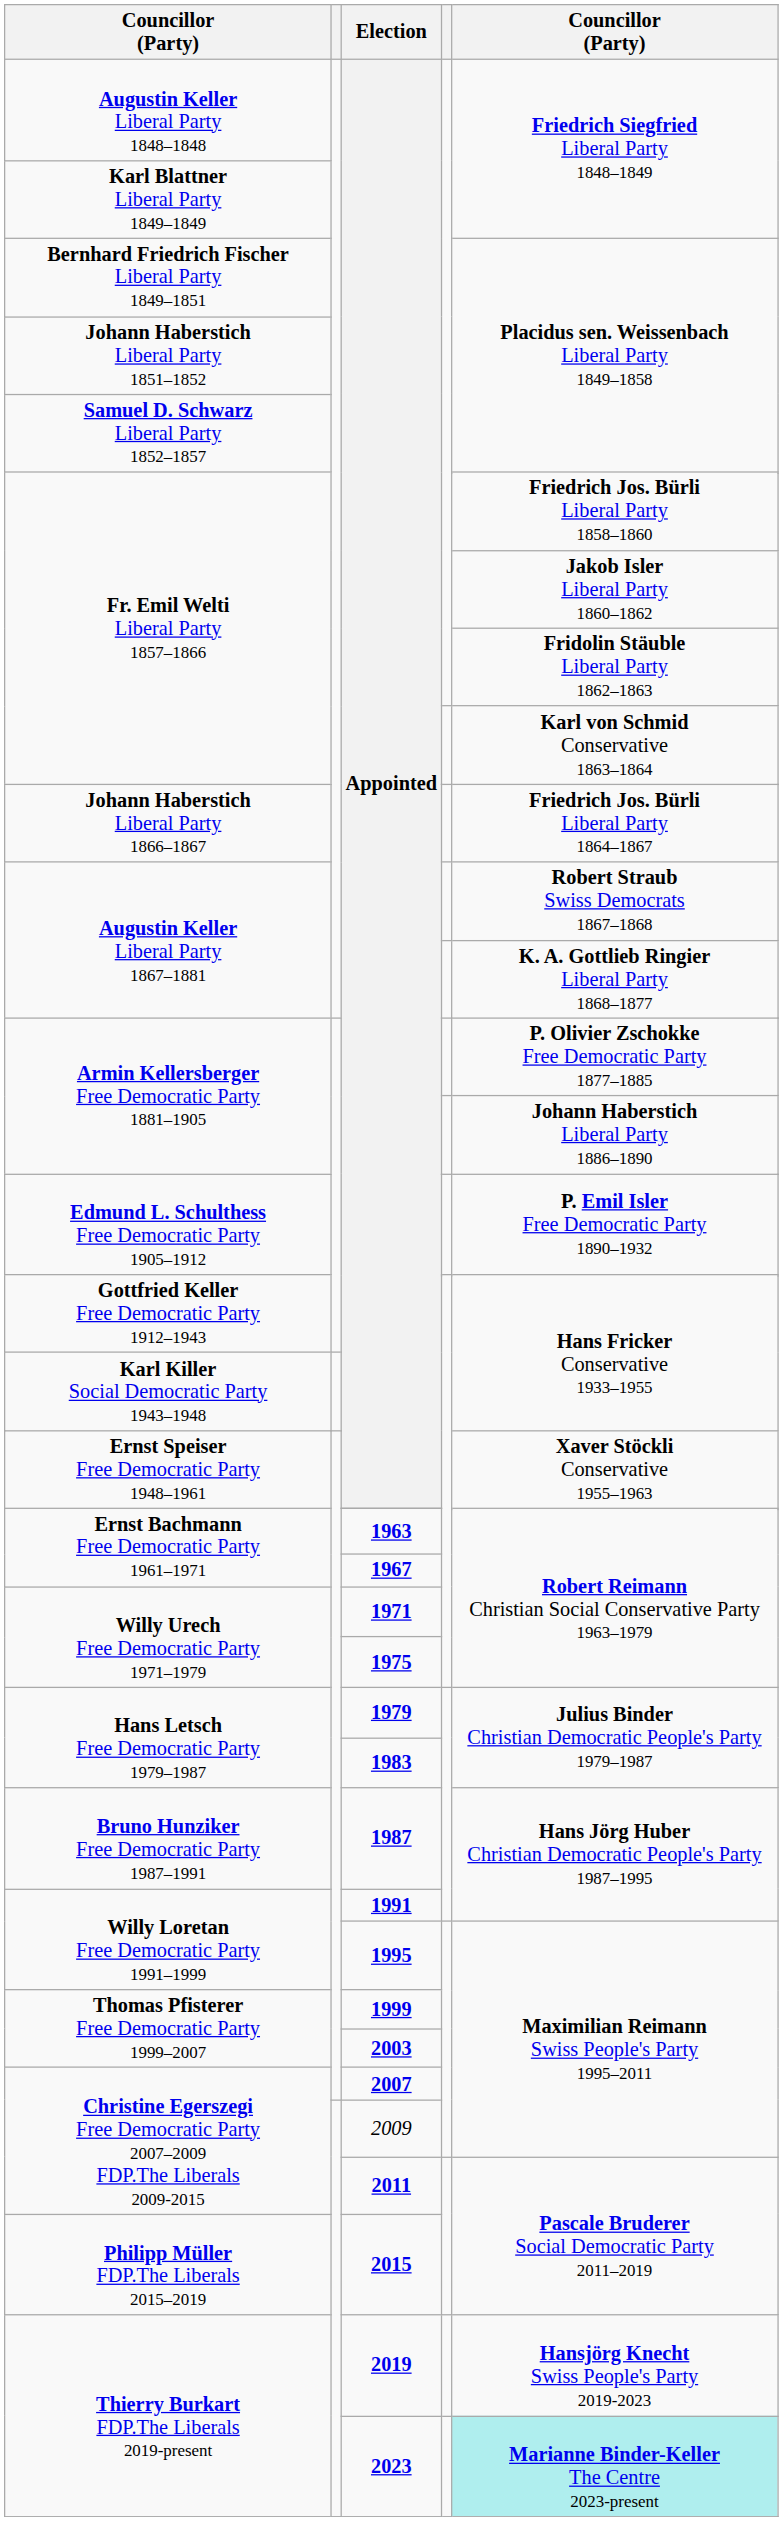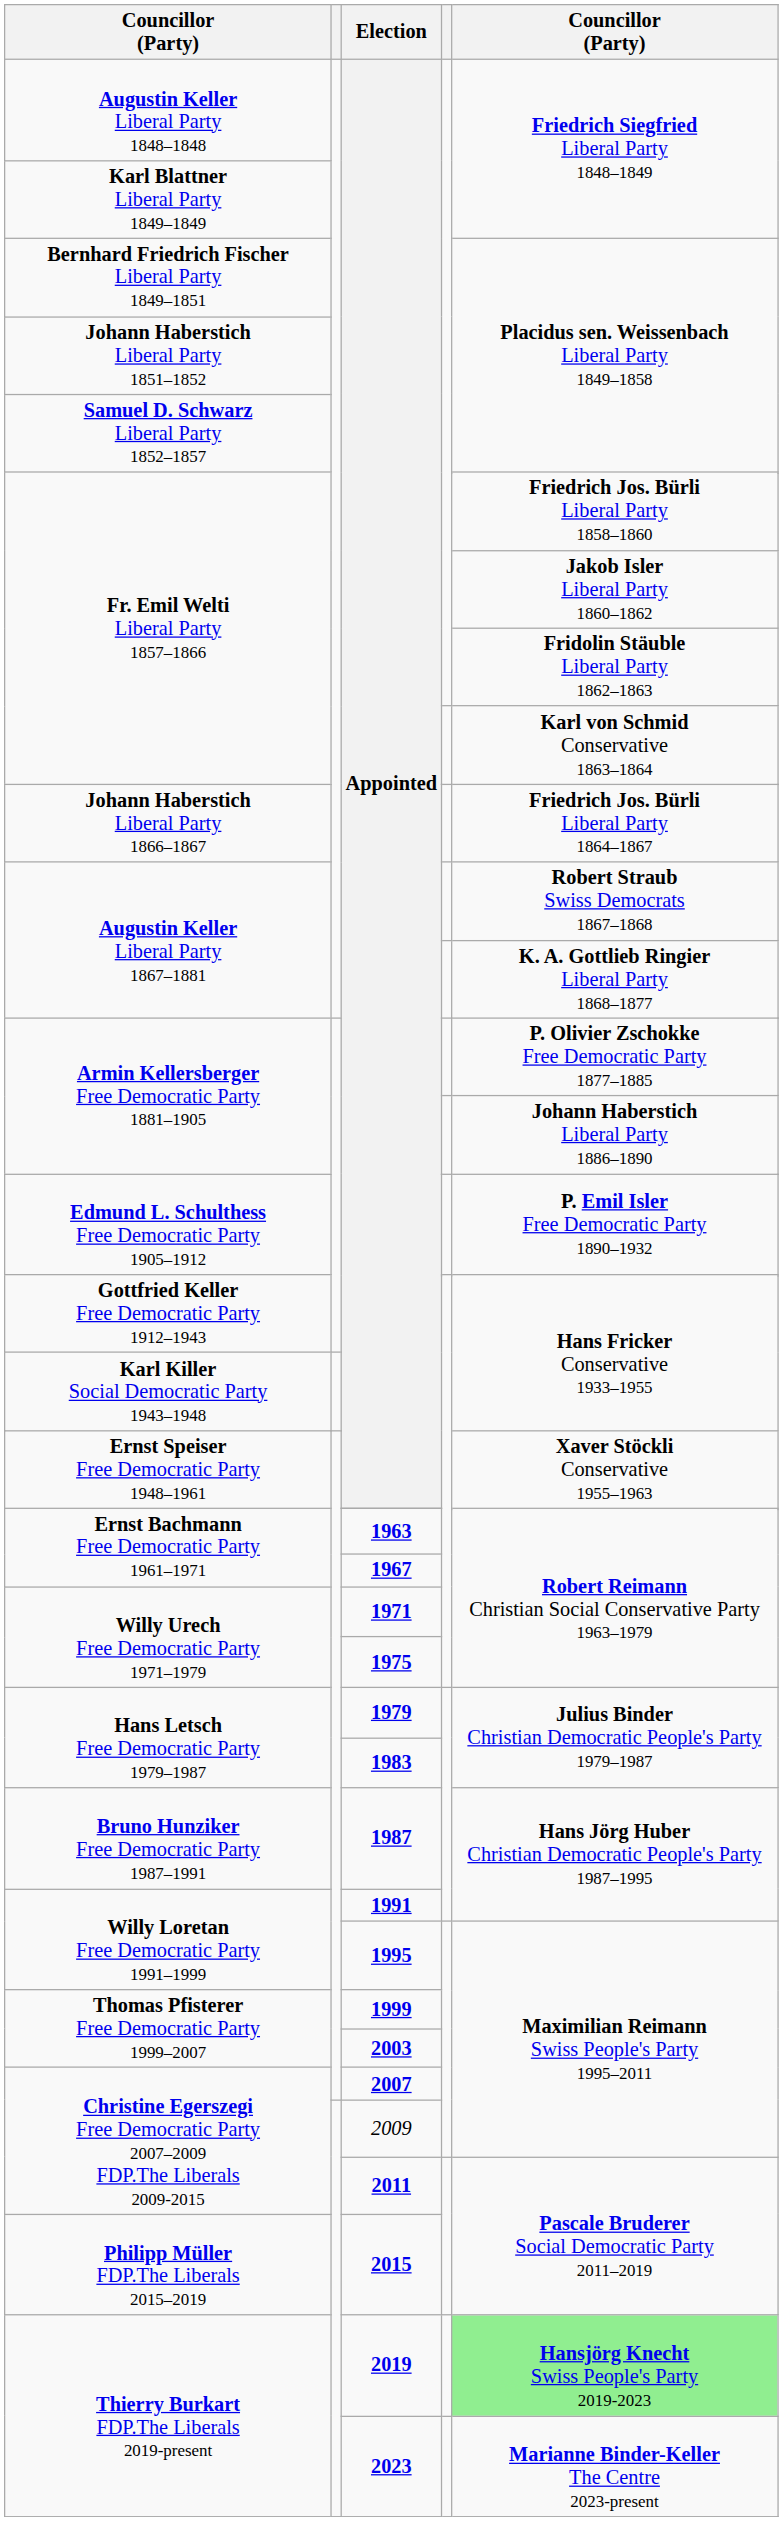 <table class="wikitable" style="text-align:center">
 <tr>
 <th scope="col" width="250" colspan = "1">Councillor<br> (Party)</th>
 <th></th>
 <th>Election</th>
 <th></th>
 <th scope="col" width="250" colspan = "1">Councillor<br> (Party)</th>
 </tr>
 <tr>
 <td rowspan=1><br><strong><a href='#'>Augustin Keller</a></strong><br><a href='#'>Liberal Party</a><br><small>1848–1848</small></td>
 <td rowspan=15; style="background-color: "></td>
 <th rowspan=24>Appointed</th>
 <td rowspan=9; style="background-color: "></td>
 <td rowspan=2><strong><a href='#'>Friedrich Siegfried</a></strong><br><a href='#'>Liberal Party</a><br><small>1848–1849</small></td>
 </tr>
 <tr>
 <td rowspan=1><strong>Karl Blattner</strong><br><a href='#'>Liberal Party</a><br><small>1849–1849</small></td>
 </tr>
 <tr>
 <td rowspan=1><strong>Bernhard Friedrich Fischer</strong><br><a href='#'>Liberal Party</a><br><small>1849–1851</small></td>
 <td rowspan=4><strong>Placidus sen. Weissenbach</strong><br><a href='#'>Liberal Party</a><br><small>1849–1858</small></td>
 </tr>
 <tr>
 <td rowspan=1><strong>Johann Haberstich</strong><br><a href='#'>Liberal Party</a><br><small>1851–1852</small></td>
 </tr>
 <tr>
 <td rowspan=1><strong><a href='#'>Samuel D. Schwarz</a></strong><br><a href='#'>Liberal Party</a><br><small>1852–1857</small></td>
 </tr>
 <tr>
 <td rowspan=6><strong>Fr. Emil Welti</strong><br><a href='#'>Liberal Party</a><br><small>1857–1866</small></td>
 </tr>
 <tr>
 <td rowspan=1><strong>Friedrich Jos. Bürli</strong><br><a href='#'>Liberal Party</a><br><small>1858–1860</small></td>
 </tr>
 <tr>
 <td rowspan=1><strong>Jakob Isler</strong><br><a href='#'>Liberal Party</a><br><small>1860–1862</small></td>
 </tr>
 <tr>
 <td rowspan=1><strong>Fridolin Stäuble</strong><br><a href='#'>Liberal Party</a><br><small>1862–1863</small></td>
 </tr>
 <tr>
 <td rowspan=1; style="background-color: "></td>
 <td rowspan=1><strong>Karl von Schmid</strong><br>Conservative<br><small>1863–1864</small></td>
 </tr>
 <tr>
 <td rowspan=2; style="background-color: "></td>
 <td rowspan=2><strong>Friedrich Jos. Bürli</strong><br><a href='#'>Liberal Party</a><br><small>1864–1867</small></td>
 </tr>
 <tr>
 <td rowspan=1><strong>Johann Haberstich</strong><br><a href='#'>Liberal Party</a><br><small>1866–1867</small></td>
 </tr>
 <tr>
 <td rowspan=3><br><strong><a href='#'>Augustin Keller</a></strong><br><a href='#'>Liberal Party</a><br><small>1867–1881</small></td>
 <td rowspan=1; style="background-color: "></td>
 <td rowspan=1><strong>Robert Straub</strong><br><a href='#'>Swiss Democrats</a><br><small>1867–1868</small></td>
 </tr>
 <tr>
 <td rowspan=1; style="background-color: "></td>
 <td rowspan=1><strong>K. A. Gottlieb Ringier</strong><br><a href='#'>Liberal Party</a><br><small>1868–1877</small></td>
 </tr>
 <tr>
 <td rowspan=2; style="background-color: "></td>
 <td rowspan=2><strong>P. Olivier Zschokke</strong><br><a href='#'>Free Democratic Party</a><br><small>1877–1885</small></td>
 </tr>
 <tr>
 <td rowspan=3><strong><a href='#'>Armin Kellersberger</a></strong><br><a href='#'>Free Democratic Party</a><br><small>1881–1905</small></td>
 <td rowspan=6; style="background-color: "></td>
 </tr>
 <tr>
 <td rowspan=1; style="background-color: "></td>
 <td rowspan=1><strong>Johann Haberstich</strong><br><a href='#'>Liberal Party</a><br><small>1886–1890</small></td>
 </tr>
 <tr>
 <td rowspan=3; style="background-color: "></td>
 <td rowspan=3><strong>P. <a href='#'>Emil Isler</a></strong><br><a href='#'>Free Democratic Party</a><br><small>1890–1932</small></td>
 </tr>
 <tr>
 <td rowspan=1><br><strong><a href='#'>Edmund L. Schulthess</a></strong><br><a href='#'>Free Democratic Party</a><br><small>1905–1912</small></td>
 </tr>
 <tr>
 <td rowspan=2><strong>Gottfried Keller</strong><br><a href='#'>Free Democratic Party</a><br><small>1912–1943</small></td>
 </tr>
 <tr>
 <td rowspan=9; style="background-color: "></td>
 <td rowspan=3><br><strong>Hans Fricker</strong><br>Conservative<br><small>1933–1955</small></td>
 </tr>
 <tr>
 <td rowspan=1><strong>Karl Killer</strong><br><a href='#'>Social Democratic Party</a><br><small>1943–1948</small></td>
 <td rowspan=1; style="background-color: "></td>
 </tr>
 <tr>
 <td rowspan=2><strong>Ernst Speiser</strong><br><a href='#'>Free Democratic Party</a><br><small>1948–1961</small></td>
 <td rowspan=15; style="background-color: "></td>
 </tr>
 <tr>
 <td rowspan=2><strong>Xaver Stöckli</strong><br>Conservative<br><small>1955–1963</small></td>
 </tr>
 <tr>
 <td rowspan=3><strong>Ernst Bachmann</strong><br><a href='#'>Free Democratic Party</a><br><small>1961–1971</small></td>
 </tr>
 <tr>
 <td><strong><a href='#'>1963</a></strong></td>
 <td rowspan=4><br><strong><a href='#'>Robert Reimann</a></strong><br>Christian Social Conservative Party<br><small>1963–1979</small></td>
 </tr>
 <tr>
 <td><strong><a href='#'>1967</a></strong></td>
 </tr>
 <tr>
 <td rowspan=2><br><strong>Willy Urech</strong><br><a href='#'>Free Democratic Party</a><br><small>1971–1979</small></td>
 <td><strong><a href='#'>1971</a></strong></td>
 </tr>
 <tr>
 <td><strong><a href='#'>1975</a></strong></td>
 </tr>
 <tr>
 <td rowspan=2><br><strong>Hans Letsch</strong><br><a href='#'>Free Democratic Party</a><br><small>1979–1987</small></td>
 <td><strong><a href='#'>1979</a></strong></td>
 <td rowspan=4; style="background-color: "></td>
 <td rowspan=2><strong>Julius Binder</strong><br><a href='#'>Christian Democratic People's Party</a><br><small>1979–1987</small></td>
 </tr>
 <tr>
 <td><strong><a href='#'>1983</a></strong></td>
 </tr>
 <tr>
 <td rowspan=1><br><strong><a href='#'>Bruno Hunziker</a></strong><br><a href='#'>Free Democratic Party</a><br><small>1987–1991</small></td>
 <td><strong><a href='#'>1987</a></strong></td>
 <td rowspan=2><strong>Hans Jörg Huber</strong><br><a href='#'>Christian Democratic People's Party</a><br><small>1987–1995</small></td>
 </tr>
 <tr>
 <td rowspan=2><br><strong>Willy Loretan</strong><br><a href='#'>Free Democratic Party</a><br><small>1991–1999</small></td>
 <td><strong><a href='#'>1991</a></strong></td>
 </tr>
 <tr>
 <td><strong><a href='#'>1995</a></strong></td>
 <td rowspan=5; style="background-color: "></td>
 <td rowspan=5><br><strong>Maximilian Reimann</strong><br><a href='#'>Swiss People's Party</a><br><small>1995–2011</small></td>
 </tr>
 <tr>
 <td rowspan=2><strong>Thomas Pfisterer</strong><br><a href='#'>Free Democratic Party</a><br><small>1999–2007</small></td>
 <td><strong><a href='#'>1999</a></strong></td>
 </tr>
 <tr>
 <td><strong><a href='#'>2003</a></strong></td>
 </tr>
 <tr>
 <td rowspan=3><br><strong><a href='#'>Christine Egerszegi</a></strong><br><a href='#'>Free Democratic Party</a><br><small>2007–2009</small><br><a href='#'>FDP.The Liberals</a><br><small>2009-2015</small></td>
 <td><strong><a href='#'>2007</a></strong></td>
 </tr>
 <tr>
 <td rowspan=5; style="background-color: "></td>
 <td><em>2009</em></td>
 </tr>
 <tr>
 <td><strong><a href='#'>2011</a></strong></td>
 <td rowspan=2; style="background-color: "></td>
 <td rowspan=2><br><strong><a href='#'>Pascale Bruderer</a></strong><br><a href='#'>Social Democratic Party</a><br><small>2011–2019</small></td>
 </tr>
 <tr>
 <td rowspan=1><br><strong><a href='#'>Philipp Müller</a></strong><br><a href='#'>FDP.The Liberals</a><br><small>2015–2019</small></td>
 <td><strong><a href='#'>2015</a></strong></td>
 </tr>
 <tr>
 <td rowspan=2><br><strong><a href='#'>Thierry Burkart</a></strong><br><a href='#'>FDP.The Liberals</a><br><small>2019-present</small></td>
 <td><strong><a href='#'>2019</a></strong></td>
 <td rowspan=1; style="background-color: "></td>
-<td rowspan=1><br><strong><a href='#'>Hansjörg Knecht</a></strong><br><a href='#'>Swiss People's Party</a><br><small>2019-2023</small></td>
+<td rowspan=1 style="background: lightgreen;"><br><strong><a href='#'>Hansjörg Knecht</a></strong><br><a href='#'>Swiss People's Party</a><br><small>2019-2023</small></td>
 </tr>
 <tr>
 <td><strong><a href='#'>2023</a></strong></td>
 <td rowspan=1; style="background-color: "></td>
-<td rowspan=1 style="background: paleturquoise;"><br><strong><a href='#'>Marianne Binder-Keller</a></strong><br><a href='#'>The Centre</a><br><small>2023-present</small></td>
+<td rowspan=1><br><strong><a href='#'>Marianne Binder-Keller</a></strong><br><a href='#'>The Centre</a><br><small>2023-present</small></td>
 </tr>
 </table>
